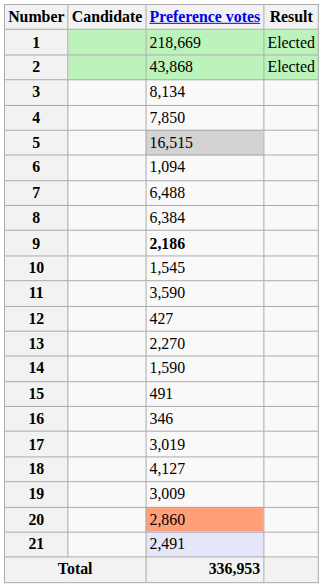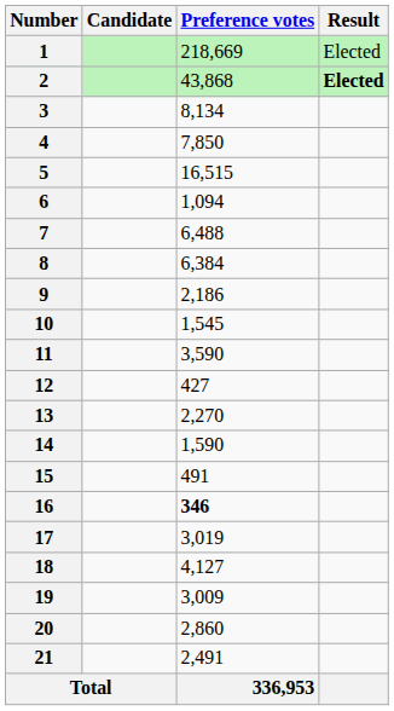 <table class="wikitable sortable" >
 <tr>
 <th scope="col">Number</th>
 <th scope="col">Candidate</th>
 <th scope="col"><a href='#'>Preference votes</a></th>
 <th scope="col">Result</th>
 </tr>
 <tr bgcolor=bbf3bb>
 <th scope="row">1</th>
 <td style="text-align:left"></td>
 <td>218,669</td>
 <td>Elected</td>
 </tr>
 <tr bgcolor=bbf3bb>
 <th scope="row">2</th>
 <td style="text-align:left"></td>
 <td>43,868</td>
-<td>Elected</td>
+<td><strong>Elected</strong></td>
 </tr>
 <tr>
 <th scope="row">3</th>
 <td style="text-align:left"></td>
 <td>8,134</td>
 <td></td>
 </tr>
 <tr>
 <th scope="row">4</th>
 <td style="text-align:left"></td>
 <td>7,850</td>
 <td></td>
 </tr>
 <tr>
 <th scope="row">5</th>
 <td style="text-align:left"></td>
-<td style="background: lightgrey;">16,515</td>
+<td>16,515</td>
 <td></td>
 </tr>
 <tr>
 <th scope="row">6</th>
 <td style="text-align:left"></td>
 <td>1,094</td>
 <td></td>
 </tr>
 <tr>
 <th scope="row">7</th>
 <td style="text-align:left"></td>
 <td>6,488</td>
 <td></td>
 </tr>
 <tr>
 <th scope="row">8</th>
 <td style="text-align:left"></td>
 <td>6,384</td>
 <td></td>
 </tr>
 <tr>
 <th scope="row">9</th>
 <td style="text-align:left"></td>
-<td><strong>2,186</strong></td>
+<td>2,186</td>
 <td></td>
 </tr>
 <tr>
 <th scope="row">10</th>
 <td style="text-align:left"></td>
 <td>1,545</td>
 <td></td>
 </tr>
 <tr>
 <th scope="row">11</th>
 <td style="text-align:left"></td>
 <td>3,590</td>
 <td></td>
 </tr>
 <tr>
 <th scope="row">12</th>
 <td style="text-align:left"></td>
 <td>427</td>
 <td></td>
 </tr>
 <tr>
 <th scope="row">13</th>
 <td style="text-align:left"></td>
 <td>2,270</td>
 <td></td>
 </tr>
 <tr>
 <th scope="row">14</th>
 <td style="text-align:left"></td>
 <td>1,590</td>
 <td></td>
 </tr>
 <tr>
 <th scope="row">15</th>
 <td style="text-align:left"></td>
 <td>491</td>
 <td></td>
 </tr>
 <tr>
 <th scope="row">16</th>
 <td style="text-align:left"></td>
-<td>346</td>
+<td><strong>346</strong></td>
 <td></td>
 </tr>
 <tr>
 <th scope="row">17</th>
 <td style="text-align:left"></td>
 <td>3,019</td>
 <td></td>
 </tr>
 <tr>
 <th scope="row">18</th>
 <td style="text-align:left"></td>
 <td>4,127</td>
 <td></td>
 </tr>
 <tr>
 <th scope="row">19</th>
 <td style="text-align:left"></td>
 <td>3,009</td>
 <td></td>
 </tr>
 <tr>
 <th scope="row">20</th>
 <td style="text-align:left"></td>
-<td style="background: lightsalmon;">2,860</td>
+<td>2,860</td>
 <td></td>
 </tr>
 <tr>
 <th scope="row">21</th>
 <td style="text-align:left"></td>
-<td style="background: lavender;">2,491</td>
+<td>2,491</td>
 <td></td>
 </tr>
 <tr class="sortbottom">
 <th scope="row"  colspan="2">Total</th>
 <th style="text-align:right">336,953</th>
 <th></th>
 </tr>
 </table>
